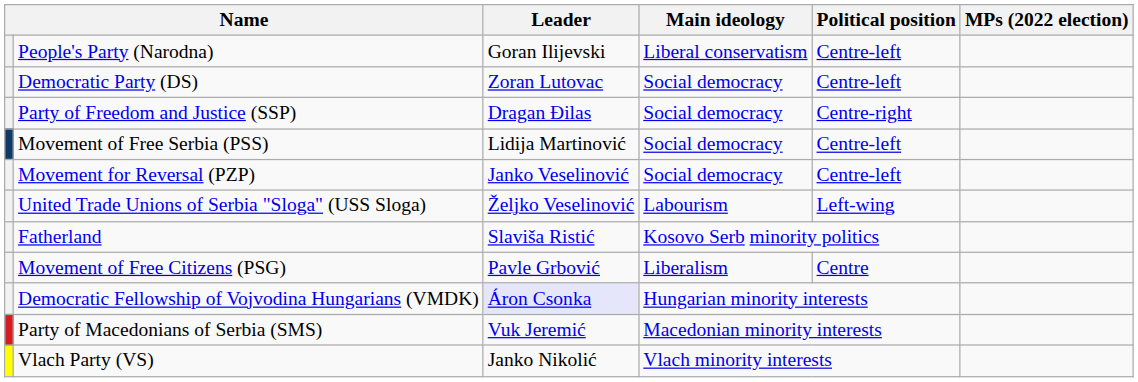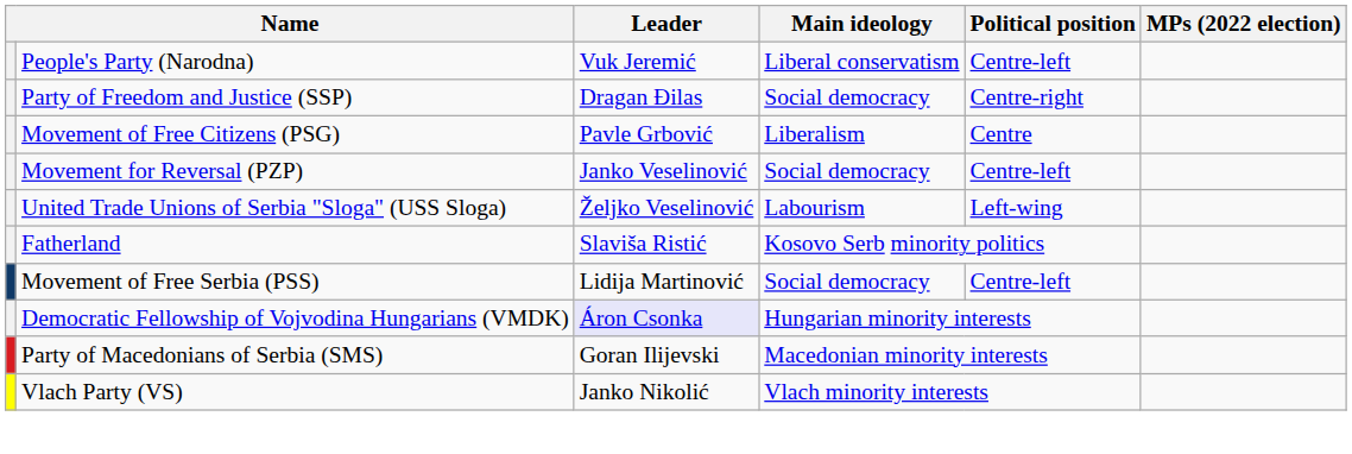 <table class="wikitable" style="text-align">
 <tr>
 <th colspan="2">Name</th>
 <th>Leader</th>
 <th>Main ideology</th>
 <th>Political position</th>
 <th>MPs (2022 election)</th>
 </tr>
 <tr>
 <th style="background-color:"></th>
 <td><a href='#'>People's Party</a> (Narodna)</td>
-<td>Goran Ilijevski</td>
+<td><a href='#'>Vuk Jeremić</a></td>
 <td><a href='#'>Liberal conservatism</a></td>
-<td><a href='#'>Centre-left</a></td>
-<td></td>
-</tr>
-<tr>
-<th style="background-color:"></th>
-<td><a href='#'>Democratic Party</a> (DS)</td>
-<td><a href='#'>Zoran Lutovac</a></td>
-<td><a href='#'>Social democracy</a></td>
 <td><a href='#'>Centre-left</a></td>
 <td></td>
 </tr>
 <tr>
 <th style="background-color:"></th>
 <td><a href='#'>Party of Freedom and Justice</a> (SSP)</td>
 <td><a href='#'>Dragan Đilas</a></td>
 <td><a href='#'>Social democracy</a></td>
 <td><a href='#'>Centre-right</a></td>
 <td></td>
 </tr>
 <tr>
-<th style="background-color:#0F3967"></th>
-<td>Movement of Free Serbia (PSS)</td>
-<td>Lidija Martinović</td>
-<td><a href='#'>Social democracy</a></td>
-<td><a href='#'>Centre-left</a></td>
+<th style="background-color:"></th>
+<td><a href='#'>Movement of Free Citizens</a> (PSG)</td>
+<td><a href='#'>Pavle Grbović</a></td>
+<td><a href='#'>Liberalism</a></td>
+<td><a href='#'>Centre</a></td>
 <td></td>
 </tr>
 <tr>
 <th style="background-color:"></th>
 <td><a href='#'>Movement for Reversal</a> (PZP)</td>
 <td><a href='#'>Janko Veselinović</a></td>
 <td><a href='#'>Social democracy</a></td>
 <td><a href='#'>Centre-left</a></td>
 <td></td>
 </tr>
 <tr>
 <th style="background-color:"></th>
 <td><a href='#'>United Trade Unions of Serbia "Sloga"</a> (USS Sloga)</td>
 <td><a href='#'>Željko Veselinović</a></td>
 <td><a href='#'>Labourism</a></td>
 <td><a href='#'>Left-wing</a></td>
 <td></td>
 </tr>
 <tr>
 <th style="background-color:"></th>
 <td><a href='#'>Fatherland</a></td>
 <td><a href='#'>Slaviša Ristić</a></td>
 <td colspan="2"><a href='#'>Kosovo Serb</a> <a href='#'>minority politics</a></td>
 <td></td>
 </tr>
 <tr>
-<th style="background-color:"></th>
-<td><a href='#'>Movement of Free Citizens</a> (PSG)</td>
-<td><a href='#'>Pavle Grbović</a></td>
-<td><a href='#'>Liberalism</a></td>
-<td><a href='#'>Centre</a></td>
+<th style="background-color:#0F3967"></th>
+<td>Movement of Free Serbia (PSS)</td>
+<td>Lidija Martinović</td>
+<td><a href='#'>Social democracy</a></td>
+<td><a href='#'>Centre-left</a></td>
 <td></td>
 </tr>
 <tr>
 <th style="background-color:"></th>
 <td><a href='#'>Democratic Fellowship of Vojvodina Hungarians</a> (VMDK)</td>
 <td style="background: lavender;"><a href='#'>Áron Csonka</a></td>
 <td colspan="2"><a href='#'>Hungarian minority interests</a></td>
 <td></td>
 </tr>
 <tr>
 <th style="background-color:#D91B21"></th>
 <td>Party of Macedonians of Serbia (SMS)</td>
-<td><a href='#'>Vuk Jeremić</a></td>
+<td>Goran Ilijevski</td>
 <td colspan="2"><a href='#'>Macedonian minority interests</a></td>
 <td></td>
 </tr>
 <tr>
 <th style="background-color:yellow"></th>
 <td>Vlach Party (VS)</td>
 <td>Janko Nikolić</td>
 <td colspan="2"><a href='#'>Vlach minority interests</a></td>
 <td></td>
 </tr>
 </table>
